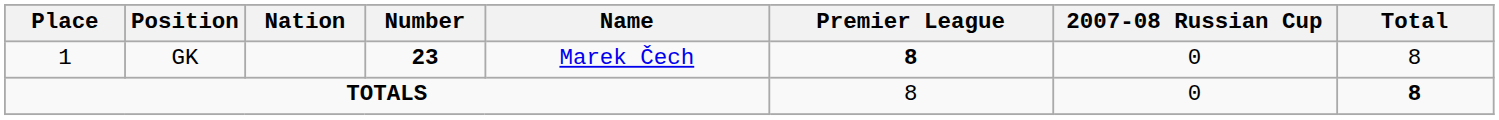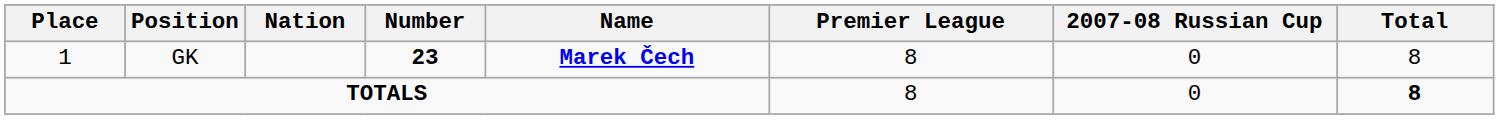 <table class="wikitable" style="font-size: 95%; text-align: center;">
 <tr>
 <th width=60>Place</th>
 <th width=60>Position</th>
 <th width=60>Nation</th>
 <th width=60>Number</th>
 <th width=150>Name</th>
 <th width=150>Premier League</th>
 <th width=150>2007-08 Russian Cup</th>
 <th width=80>Total</th>
 </tr>
 <tr>
 <td>1</td>
 <td>GK</td>
 <td></td>
 <td><strong>23</strong></td>
-<td><a href='#'>Marek Čech</a></td>
-<td><strong>8</strong></td>
+<td><strong><a href='#'>Marek Čech</a></strong></td>
+<td>8</td>
 <td>0</td>
 <td>8</td>
 </tr>
 <tr>
 <td colspan="5"><strong>TOTALS</strong></td>
 <td>8</td>
 <td>0</td>
 <td><strong>8</strong></td>
 </tr>
 </table>
